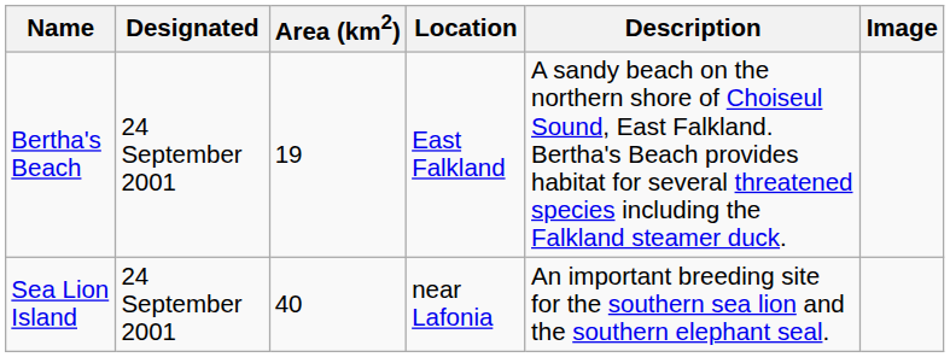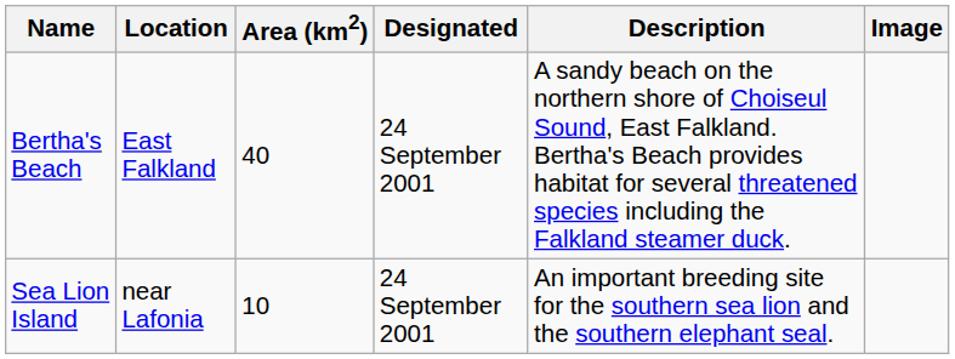 <table class="wikitable sortable">
 <tr>
 <th style="background-color:">Name</th>
+<th style="background-color:">Location</th>
+<th style="background-color:">Area (km<sup>2</sup>)</th>
 <th style="background-color:">Designated</th>
-<th style="background-color:">Area (km<sup>2</sup>)</th>
-<th style="background-color:">Location</th>
 <th style="background-color:">Description</th>
 <th style="background-color:">Image</th>
 </tr>
 <tr>
 <td><a href='#'>Bertha's Beach</a></td>
+<td><a href='#'>East Falkland</a><br><small></small></td>
+<td>40</td>
 <td>24 September 2001</td>
-<td>19</td>
-<td><a href='#'>East Falkland</a><br><small></small></td>
 <td>A sandy beach on the northern shore of <a href='#'>Choiseul Sound</a>, East Falkland. Bertha's Beach provides habitat for several <a href='#'>threatened species</a> including the <a href='#'>Falkland steamer duck</a>.</td>
 <td></td>
 </tr>
 <tr>
 <td><a href='#'>Sea Lion Island</a></td>
+<td>near <a href='#'>Lafonia</a><br><small></small></td>
+<td>10</td>
 <td>24 September 2001</td>
-<td>40</td>
-<td>near <a href='#'>Lafonia</a><br><small></small></td>
 <td>An important breeding site for the <a href='#'>southern sea lion</a> and the <a href='#'>southern elephant seal</a>.</td>
 <td></td>
 </tr>
 </table>
